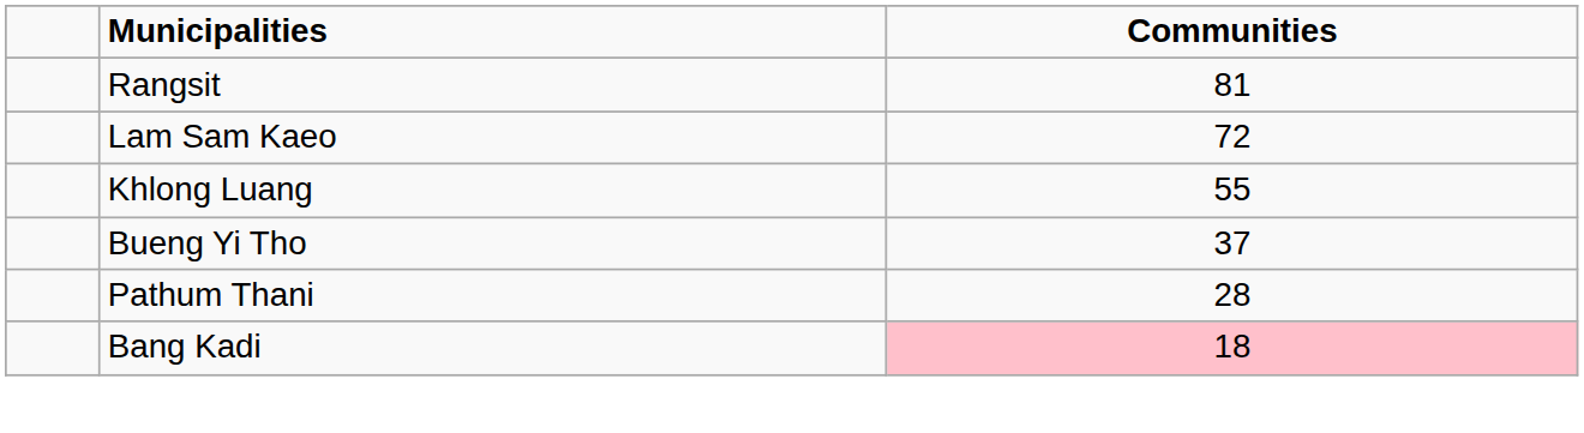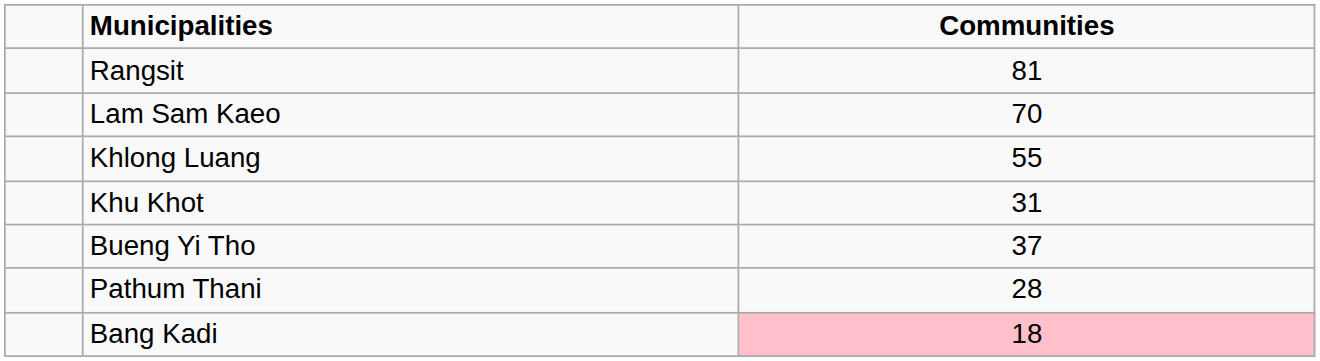 <table class="wikitable" style="width:60%;">
 <tr>
 <td scope="col" style="width:6%;"> </td>
 <td scope="col" style="width:50%;"><strong>Municipalities</strong></td>
 <td scope="col" style="width:44%; text-align:center;"><strong>Communities</strong></td>
 </tr>
 <tr>
 <td scope="row"> </td>
 <td>Rangsit</td>
 <td style="text-align:center;">81</td>
 </tr>
 <tr>
 <td scope="row"> </td>
 <td>Lam Sam Kaeo</td>
-<td style="text-align:center;">72</td>
+<td style="text-align:center;">70</td>
 </tr>
 <tr>
 <td scope="row"> </td>
 <td>Khlong Luang</td>
 <td style="text-align:center;">55</td>
+</tr>
+<tr>
+<td scope="row"> </td>
+<td>Khu Khot</td>
+<td style="text-align:center;">31</td>
 </tr>
 <tr>
 <td scope="row"> </td>
 <td>Bueng Yi Tho</td>
 <td style="text-align:center;">37</td>
 </tr>
 <tr>
 <td scope="row"> </td>
 <td>Pathum Thani</td>
 <td style="text-align:center;">28</td>
 </tr>
 <tr>
 <td scope="row"> </td>
 <td>Bang Kadi</td>
 <td style="background: pink; text-align:center;">18</td>
 </tr>
 </table>
